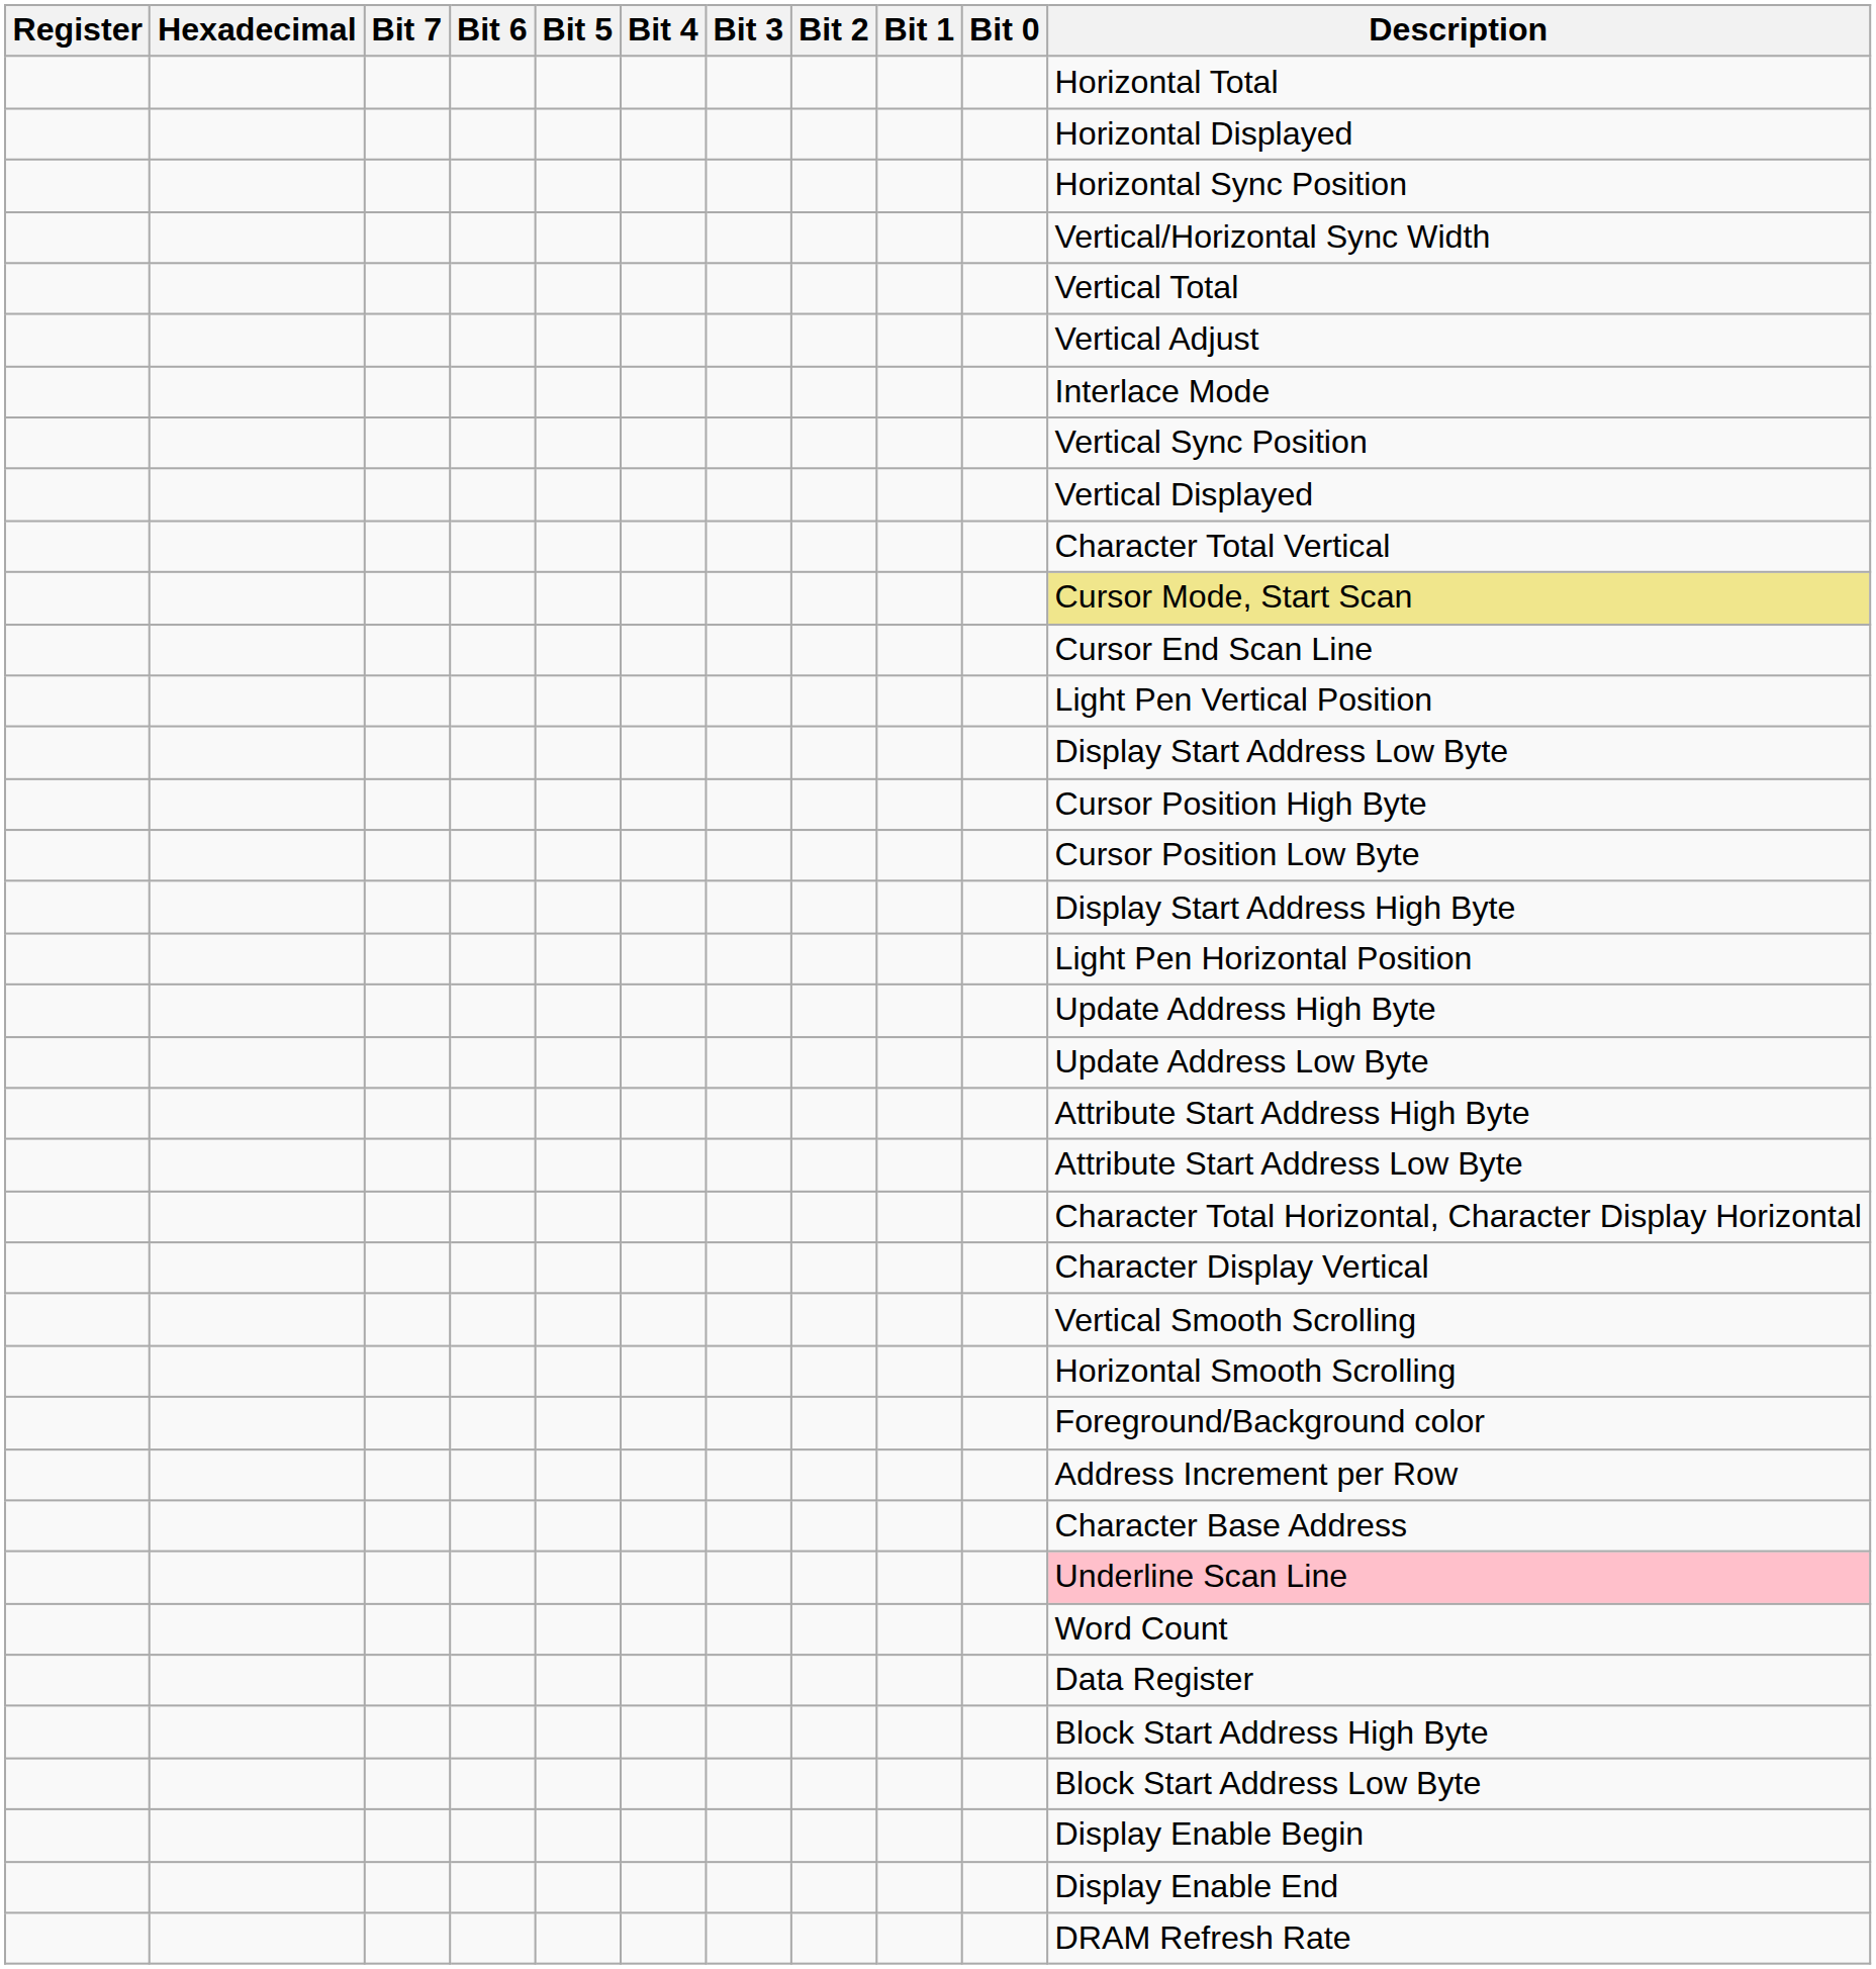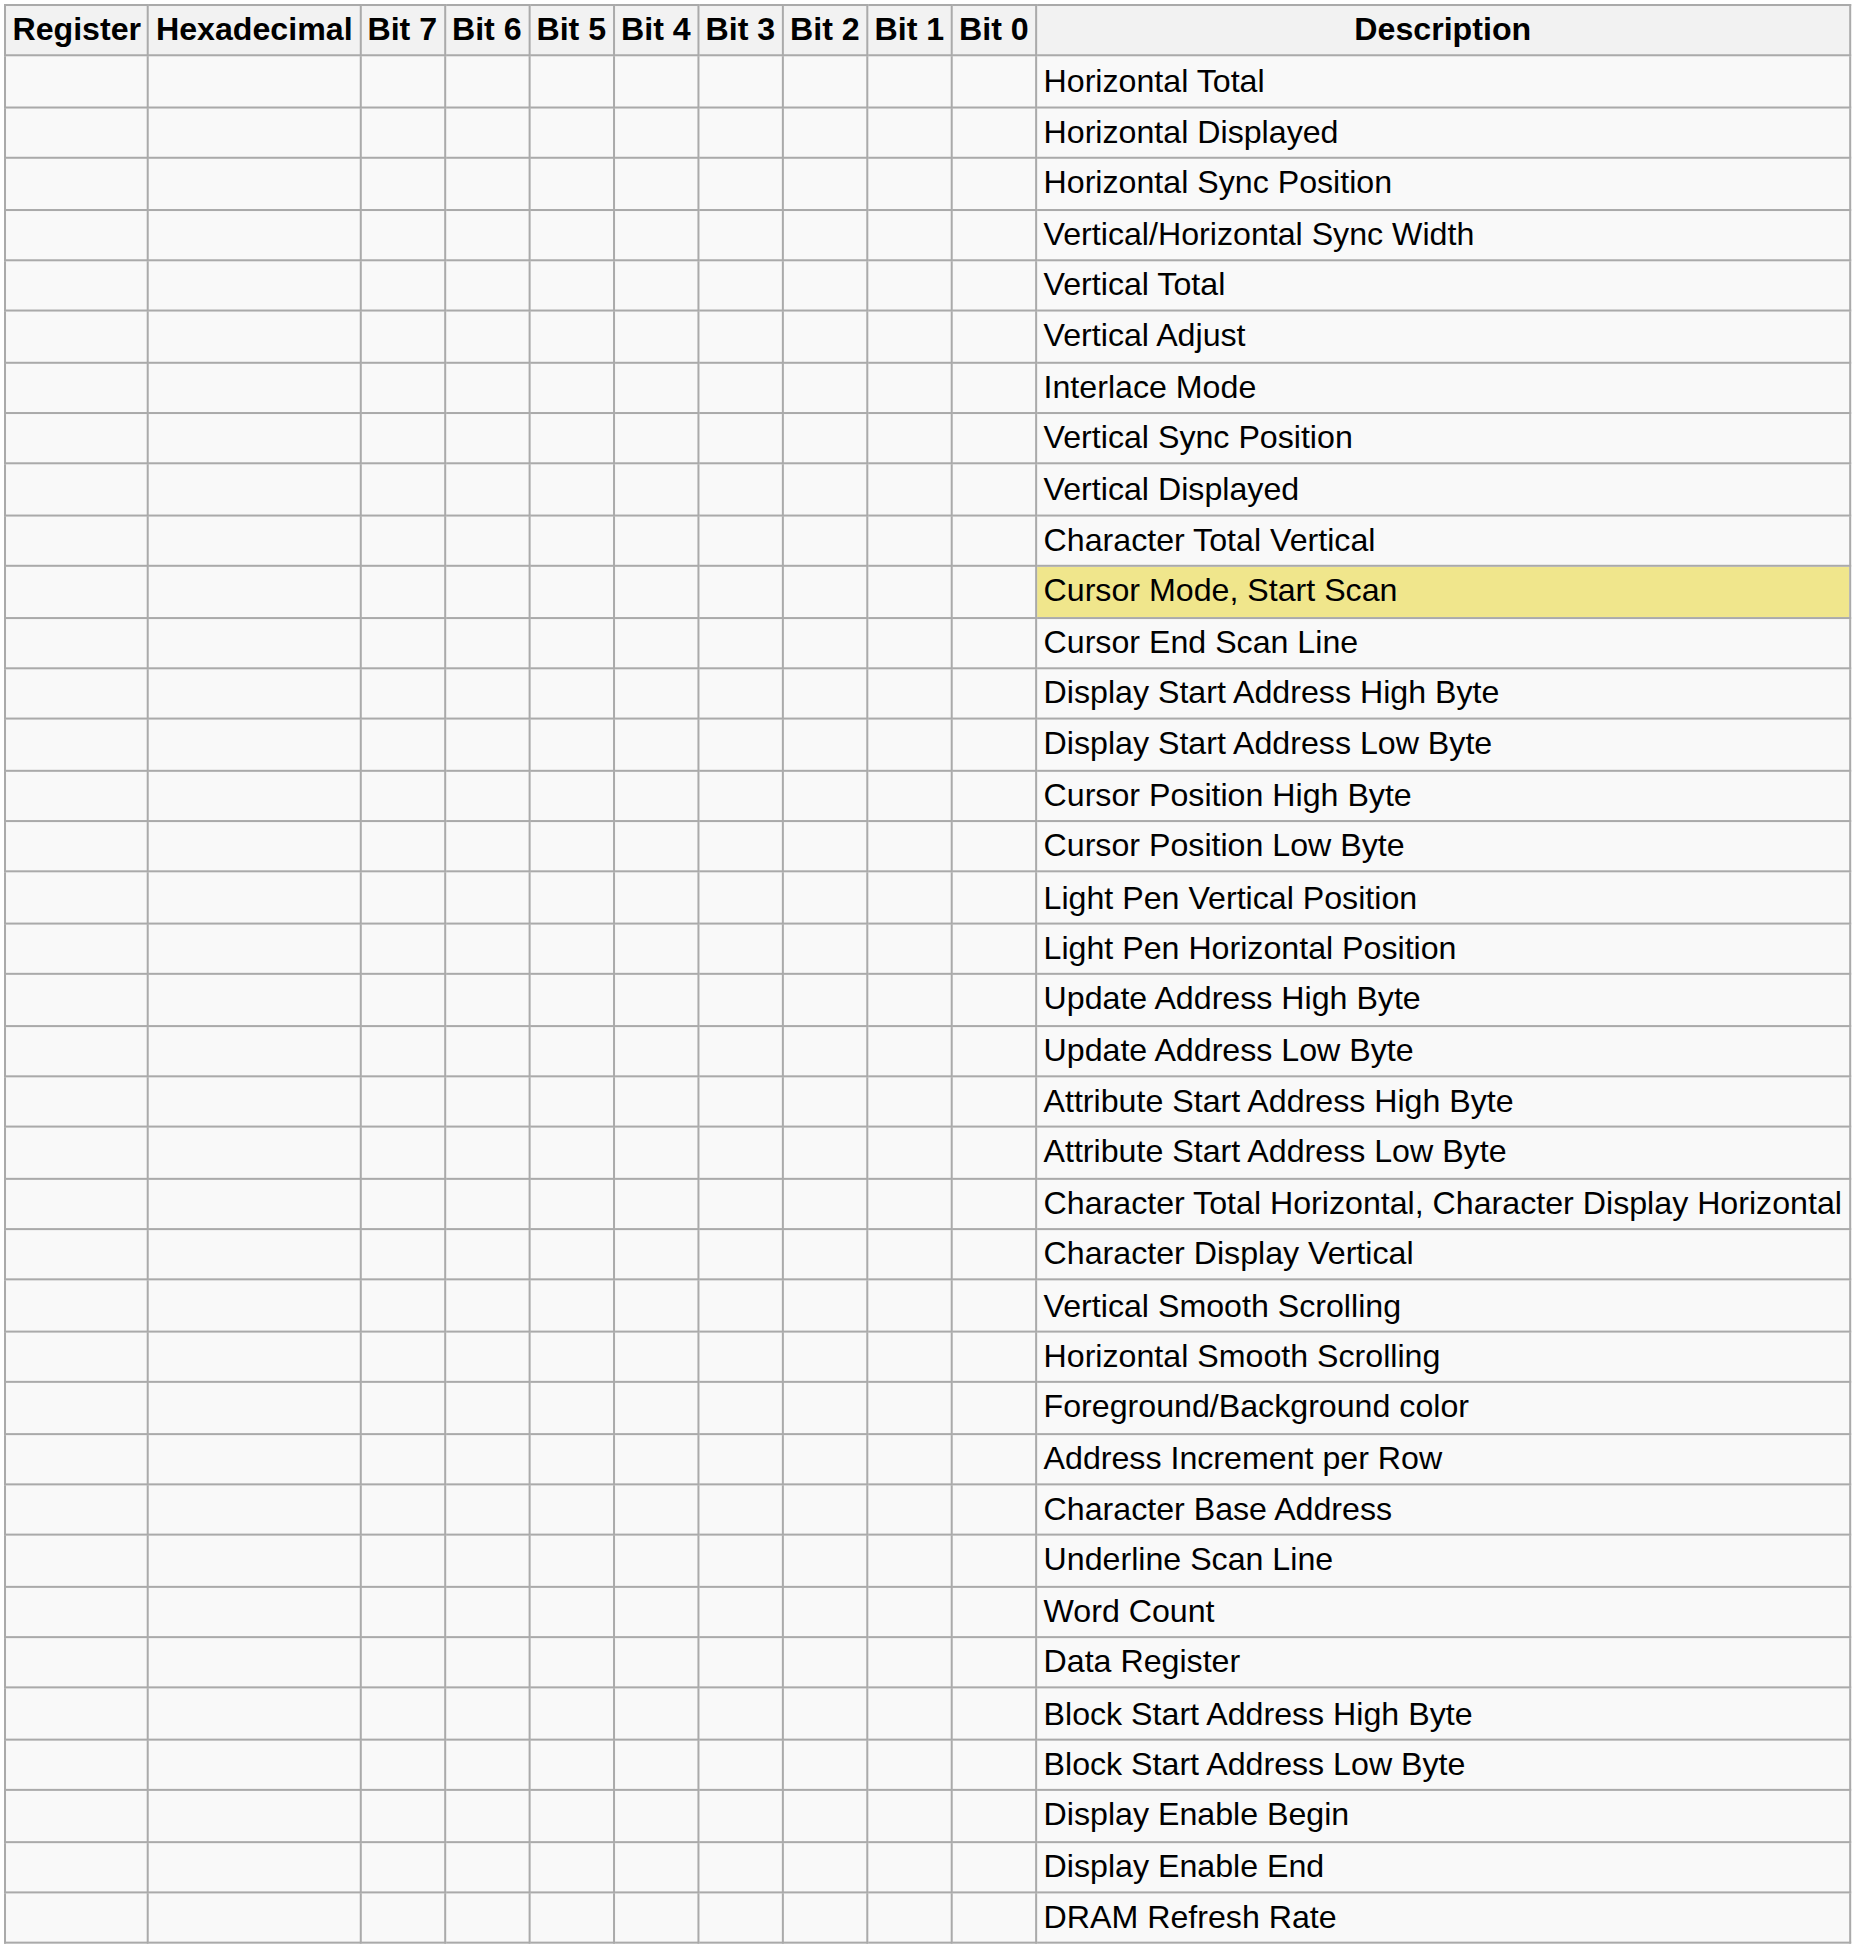 <table class="wikitable" border="1">
 <tr>
 <th>Register</th>
 <th>Hexadecimal</th>
 <th>Bit 7</th>
 <th>Bit 6</th>
 <th>Bit 5</th>
 <th>Bit 4</th>
 <th>Bit 3</th>
 <th>Bit 2</th>
 <th>Bit 1</th>
 <th>Bit 0</th>
 <th>Description</th>
 </tr>
 <tr>
 <td></td>
 <td></td>
 <td></td>
 <td></td>
 <td></td>
 <td></td>
 <td></td>
 <td></td>
 <td></td>
 <td></td>
 <td>Horizontal Total</td>
 </tr>
 <tr>
 <td></td>
 <td></td>
 <td></td>
 <td></td>
 <td></td>
 <td></td>
 <td></td>
 <td></td>
 <td></td>
 <td></td>
 <td>Horizontal Displayed</td>
 </tr>
 <tr>
 <td></td>
 <td></td>
 <td></td>
 <td></td>
 <td></td>
 <td></td>
 <td></td>
 <td></td>
 <td></td>
 <td></td>
 <td>Horizontal Sync Position</td>
 </tr>
 <tr>
 <td></td>
 <td></td>
 <td></td>
 <td></td>
 <td></td>
 <td></td>
 <td></td>
 <td></td>
 <td></td>
 <td></td>
 <td>Vertical/Horizontal Sync Width</td>
 </tr>
 <tr>
 <td></td>
 <td></td>
 <td></td>
 <td></td>
 <td></td>
 <td></td>
 <td></td>
 <td></td>
 <td></td>
 <td></td>
 <td>Vertical Total</td>
 </tr>
 <tr>
 <td></td>
 <td></td>
 <td></td>
 <td></td>
 <td></td>
 <td></td>
 <td></td>
 <td></td>
 <td></td>
 <td></td>
 <td>Vertical Adjust</td>
 </tr>
 <tr>
 <td></td>
 <td></td>
 <td></td>
 <td></td>
 <td></td>
 <td></td>
 <td></td>
 <td></td>
 <td></td>
 <td></td>
 <td>Interlace Mode</td>
 </tr>
 <tr>
 <td></td>
 <td></td>
 <td></td>
 <td></td>
 <td></td>
 <td></td>
 <td></td>
 <td></td>
 <td></td>
 <td></td>
 <td>Vertical Sync Position</td>
 </tr>
 <tr>
 <td></td>
 <td></td>
 <td></td>
 <td></td>
 <td></td>
 <td></td>
 <td></td>
 <td></td>
 <td></td>
 <td></td>
 <td>Vertical Displayed</td>
 </tr>
 <tr>
 <td></td>
 <td></td>
 <td></td>
 <td></td>
 <td></td>
 <td></td>
 <td></td>
 <td></td>
 <td></td>
 <td></td>
 <td>Character Total Vertical</td>
 </tr>
 <tr>
 <td></td>
 <td></td>
 <td></td>
 <td></td>
 <td></td>
 <td></td>
 <td></td>
 <td></td>
 <td></td>
 <td></td>
 <td style="background: khaki;">Cursor Mode, Start Scan</td>
 </tr>
 <tr>
 <td></td>
 <td></td>
 <td></td>
 <td></td>
 <td></td>
 <td></td>
 <td></td>
 <td></td>
 <td></td>
 <td></td>
 <td>Cursor End Scan Line</td>
 </tr>
 <tr>
 <td></td>
 <td></td>
 <td></td>
 <td></td>
 <td></td>
 <td></td>
 <td></td>
 <td></td>
 <td></td>
 <td></td>
-<td>Light Pen Vertical Position</td>
+<td>Display Start Address High Byte</td>
 </tr>
 <tr>
 <td></td>
 <td></td>
 <td></td>
 <td></td>
 <td></td>
 <td></td>
 <td></td>
 <td></td>
 <td></td>
 <td></td>
 <td>Display Start Address Low Byte</td>
 </tr>
 <tr>
 <td></td>
 <td></td>
 <td></td>
 <td></td>
 <td></td>
 <td></td>
 <td></td>
 <td></td>
 <td></td>
 <td></td>
 <td>Cursor Position High Byte</td>
 </tr>
 <tr>
 <td></td>
 <td></td>
 <td></td>
 <td></td>
 <td></td>
 <td></td>
 <td></td>
 <td></td>
 <td></td>
 <td></td>
 <td>Cursor Position Low Byte</td>
 </tr>
 <tr>
 <td></td>
 <td></td>
 <td></td>
 <td></td>
 <td></td>
 <td></td>
 <td></td>
 <td></td>
 <td></td>
 <td></td>
-<td>Display Start Address High Byte</td>
+<td>Light Pen Vertical Position</td>
 </tr>
 <tr>
 <td></td>
 <td></td>
 <td></td>
 <td></td>
 <td></td>
 <td></td>
 <td></td>
 <td></td>
 <td></td>
 <td></td>
 <td>Light Pen Horizontal Position</td>
 </tr>
 <tr>
 <td></td>
 <td></td>
 <td></td>
 <td></td>
 <td></td>
 <td></td>
 <td></td>
 <td></td>
 <td></td>
 <td></td>
 <td>Update Address High Byte</td>
 </tr>
 <tr>
 <td></td>
 <td></td>
 <td></td>
 <td></td>
 <td></td>
 <td></td>
 <td></td>
 <td></td>
 <td></td>
 <td></td>
 <td>Update Address Low Byte</td>
 </tr>
 <tr>
 <td></td>
 <td></td>
 <td></td>
 <td></td>
 <td></td>
 <td></td>
 <td></td>
 <td></td>
 <td></td>
 <td></td>
 <td>Attribute Start Address High Byte</td>
 </tr>
 <tr>
 <td></td>
 <td></td>
 <td></td>
 <td></td>
 <td></td>
 <td></td>
 <td></td>
 <td></td>
 <td></td>
 <td></td>
 <td>Attribute Start Address Low Byte</td>
 </tr>
 <tr>
 <td></td>
 <td></td>
 <td></td>
 <td></td>
 <td></td>
 <td></td>
 <td></td>
 <td></td>
 <td></td>
 <td></td>
 <td>Character Total Horizontal, Character Display Horizontal</td>
 </tr>
 <tr>
 <td></td>
 <td></td>
 <td></td>
 <td></td>
 <td></td>
 <td></td>
 <td></td>
 <td></td>
 <td></td>
 <td></td>
 <td>Character Display Vertical</td>
 </tr>
 <tr>
 <td></td>
 <td></td>
 <td></td>
 <td></td>
 <td></td>
 <td></td>
 <td></td>
 <td></td>
 <td></td>
 <td></td>
 <td>Vertical Smooth Scrolling</td>
 </tr>
 <tr>
 <td></td>
 <td></td>
 <td></td>
 <td></td>
 <td></td>
 <td></td>
 <td></td>
 <td></td>
 <td></td>
 <td></td>
 <td>Horizontal Smooth Scrolling</td>
 </tr>
 <tr>
 <td></td>
 <td></td>
 <td></td>
 <td></td>
 <td></td>
 <td></td>
 <td></td>
 <td></td>
 <td></td>
 <td></td>
 <td>Foreground/Background color</td>
 </tr>
 <tr>
 <td></td>
 <td></td>
 <td></td>
 <td></td>
 <td></td>
 <td></td>
 <td></td>
 <td></td>
 <td></td>
 <td></td>
 <td>Address Increment per Row</td>
 </tr>
 <tr>
 <td></td>
 <td></td>
 <td></td>
 <td></td>
 <td></td>
 <td></td>
 <td></td>
 <td></td>
 <td></td>
 <td></td>
 <td>Character Base Address</td>
 </tr>
 <tr>
 <td></td>
 <td></td>
 <td></td>
 <td></td>
 <td></td>
 <td></td>
 <td></td>
 <td></td>
 <td></td>
 <td></td>
-<td style="background: pink;">Underline Scan Line</td>
+<td>Underline Scan Line</td>
 </tr>
 <tr>
 <td></td>
 <td></td>
 <td></td>
 <td></td>
 <td></td>
 <td></td>
 <td></td>
 <td></td>
 <td></td>
 <td></td>
 <td>Word Count</td>
 </tr>
 <tr>
 <td></td>
 <td></td>
 <td></td>
 <td></td>
 <td></td>
 <td></td>
 <td></td>
 <td></td>
 <td></td>
 <td></td>
 <td>Data Register</td>
 </tr>
 <tr>
 <td></td>
 <td></td>
 <td></td>
 <td></td>
 <td></td>
 <td></td>
 <td></td>
 <td></td>
 <td></td>
 <td></td>
 <td>Block Start Address High Byte</td>
 </tr>
 <tr>
 <td></td>
 <td></td>
 <td></td>
 <td></td>
 <td></td>
 <td></td>
 <td></td>
 <td></td>
 <td></td>
 <td></td>
 <td>Block Start Address Low Byte</td>
 </tr>
 <tr>
 <td></td>
 <td></td>
 <td></td>
 <td></td>
 <td></td>
 <td></td>
 <td></td>
 <td></td>
 <td></td>
 <td></td>
 <td>Display Enable Begin</td>
 </tr>
 <tr>
 <td></td>
 <td></td>
 <td></td>
 <td></td>
 <td></td>
 <td></td>
 <td></td>
 <td></td>
 <td></td>
 <td></td>
 <td>Display Enable End</td>
 </tr>
 <tr>
 <td></td>
 <td></td>
 <td></td>
 <td></td>
 <td></td>
 <td></td>
 <td></td>
 <td></td>
 <td></td>
 <td></td>
 <td>DRAM Refresh Rate</td>
 </tr>
 </table>
